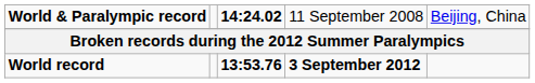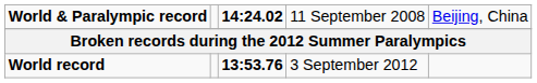 <table class="wikitable">
 <tr>
 <td><strong>World & Paralympic record</strong></td>
 <td></td>
 <td><strong>14:24.02</strong></td>
 <td>11 September 2008</td>
 <td><a href='#'>Beijing</a>, China</td>
 </tr>
 <tr>
 </tr>
 <tr>
 <th colspan="5">Broken records during the 2012 Summer Paralympics</th>
 </tr>
 <tr>
 <td><strong>World record</strong></td>
 <td></td>
 <td><strong>13:53.76</strong></td>
-<td><strong>3 September 2012</strong></td>
+<td>3 September 2012</td>
 <td></td>
 </tr>
 </table>
